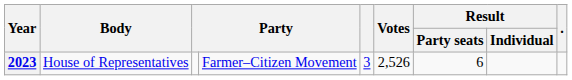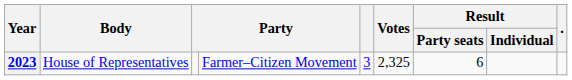 <table class="wikitable plainrowheaders sortable" border=2 cellpadding=4 cellspacing=0 style="border: 1px #aaa solid; font-size: 90%; text-align:center;">
 <tr>
 <th scope="col" rowspan=2>Year</th>
 <th scope="col" rowspan=2>Body</th>
 <th scope="col" colspan=2 rowspan=2>Party</th>
 <th scope="col" rowspan=2></th>
 <th scope="col" rowspan=2>Votes</th>
 <th scope="colgroup" colspan=2>Result</th>
 <th scope="col" rowspan=2 class="unsortable">.</th>
 </tr>
 <tr>
 <th scope="col">Party seats</th>
 <th scope="col">Individual</th>
 </tr>
 <tr>
 <th scope="row"><a href='#'>2023</a></th>
 <td><a href='#'>House of Representatives</a></td>
 <td style="background-color:"></td>
 <td><a href='#'>Farmer–Citizen Movement</a></td>
 <td style=text-align:right><a href='#'>3</a></td>
-<td style=text-align:right>2,526</td>
+<td style=text-align:right>2,325</td>
 <td style=text-align:right>6</td>
 <td></td>
 <td></td>
 </tr>
 </table>
